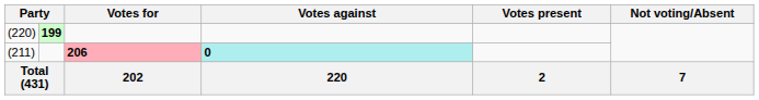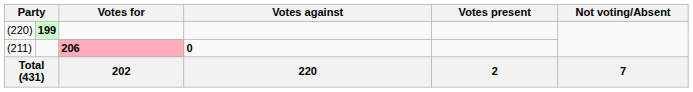 <table class="wikitable mw-collapsible mw-collapsed" style="width:50%;">
 <tr>
 <th colspan="2">Party</th>
 <th style="width:20%;">Votes for</th>
 <th style="width:40%;">Votes against</th>
 <th style="width:20%;">Votes present</th>
 <th style="width:20%;">Not voting/Absent</th>
 </tr>
 <tr>
 <td> (220)</td>
 <td style="background:#cfc;"><strong>199</strong></td>
 <td></td>
 <td></td>
 <td></td>
 </tr>
 <tr>
 <td> (211)</td>
 <td></td>
 <td style="background:#ffaeb9;"><strong>206</strong></td>
-<td style="background: paleturquoise;"><strong>0</strong></td>
+<td><strong>0</strong></td>
 <td></td>
 </tr>
 <tr>
 <th colspan="2">Total (431)</th>
 <th>202</th>
 <th>220</th>
 <th>2</th>
 <th>7</th>
 </tr>
 </table>
